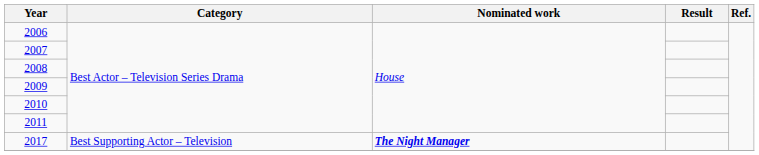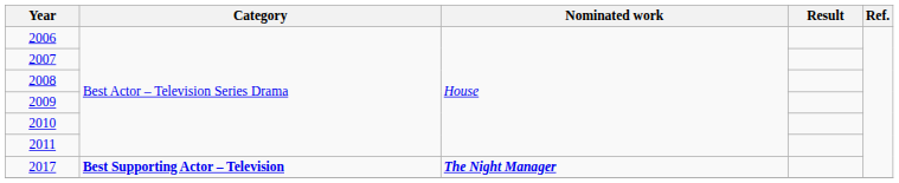 <table class=wikitable>
 <tr>
 <th scope="col" style="width:5em;">Year</th>
 <th scope="col" style="width:26em;">Category</th>
 <th scope="col" style="width:25em;">Nominated work</th>
 <th scope="col" style="width:5em;">Result</th>
 <th>Ref.</th>
 </tr>
 <tr>
 <td style="text-align:center;"><a href='#'>2006</a></td>
 <td rowspan="6"><a href='#'>Best Actor – Television Series Drama</a></td>
 <td rowspan="6"><em><a href='#'>House</a></em></td>
 <td></td>
 <td rowspan="7" style="text-align:center;"></td>
 </tr>
 <tr>
 <td style="text-align:center;"><a href='#'>2007</a></td>
 <td></td>
 </tr>
 <tr>
 <td style="text-align:center;"><a href='#'>2008</a></td>
 <td></td>
 </tr>
 <tr>
 <td style="text-align:center;"><a href='#'>2009</a></td>
 <td></td>
 </tr>
 <tr>
 <td style="text-align:center;"><a href='#'>2010</a></td>
 <td></td>
 </tr>
 <tr>
 <td style="text-align:center;"><a href='#'>2011</a></td>
 <td></td>
 </tr>
 <tr>
 <td style="text-align:center;"><a href='#'>2017</a></td>
-<td><a href='#'>Best Supporting Actor – Television</a></td>
+<td><strong><a href='#'>Best Supporting Actor – Television</a></strong></td>
 <td><strong><em><a href='#'>The Night Manager</a></em></strong></td>
 <td></td>
 </tr>
 <tr>
 </tr>
 </table>
